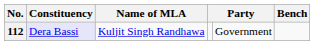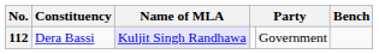 <table class="wikitable sortable">
 <tr>
 <th>No.</th>
 <th>Constituency</th>
 <th>Name of MLA</th>
 <th colspan="2">Party</th>
 <th>Bench</th>
 </tr>
 <tr>
 <th>112</th>
-<td style="background: lavender;"><a href='#'>Dera Bassi</a></td>
-<td><a href='#'>Kuljit Singh Randhawa</a></td>
+<td><a href='#'>Dera Bassi</a></td>
+<td style="background: lavender;"><a href='#'>Kuljit Singh Randhawa</a></td>
 <td></td>
 <td>Government</td>
 </tr>
 </table>
